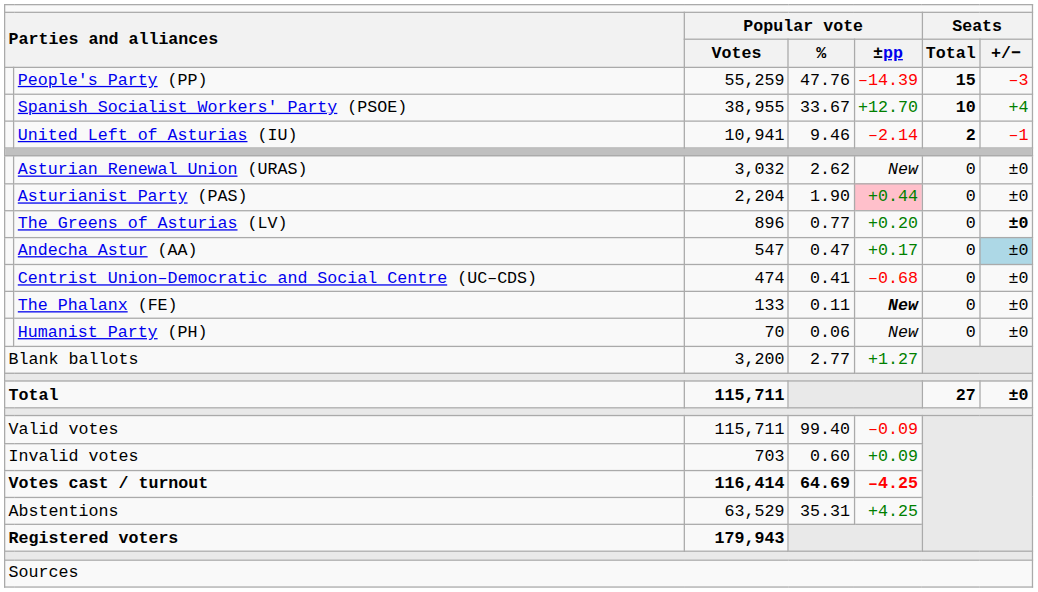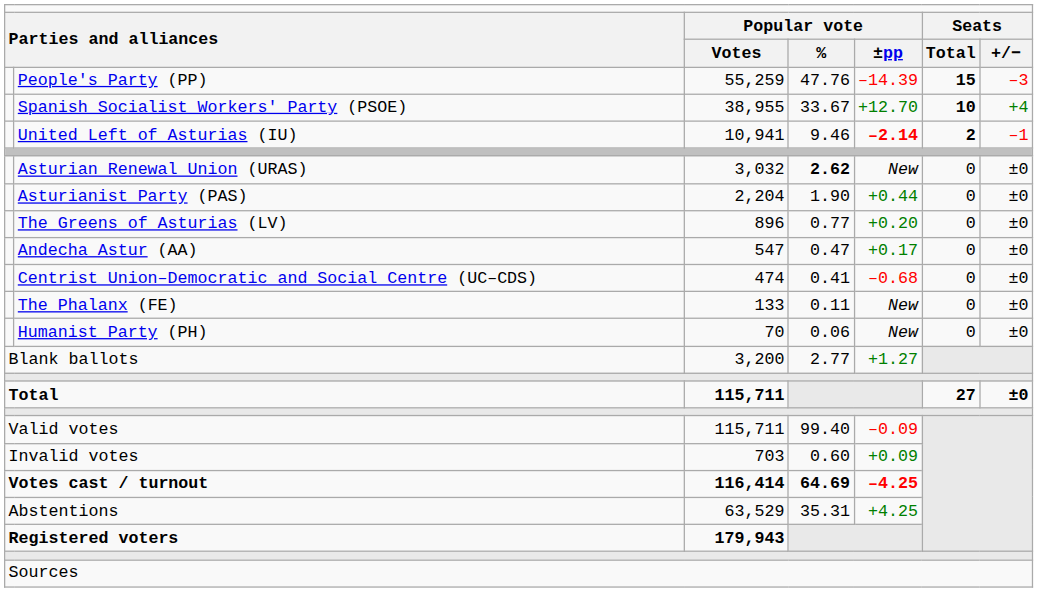 <table class="wikitable" style="text-align:right;">
 <tr>
 <td colspan="7"></td>
 </tr>
 <tr>
 <th style="text-align:left;" rowspan="2" colspan="2" width="525">Parties and alliances</th>
 <th colspan="3">Popular vote</th>
 <th colspan="2">Seats</th>
 </tr>
 <tr>
 <th width="75">Votes</th>
 <th width="45">%</th>
 <th width="45">±<a href='#'>pp</a></th>
 <th width="35">Total</th>
 <th width="35">+/−</th>
 </tr>
 <tr>
 <td width="1" style="color:inherit;background:"></td>
 <td align="left"><a href='#'>People's Party</a> (PP)</td>
 <td>55,259</td>
 <td>47.76</td>
 <td style="color:red;">–14.39</td>
 <td><strong>15</strong></td>
 <td style="color:red;">–3</td>
 </tr>
 <tr>
 <td style="color:inherit;background:"></td>
 <td align="left"><a href='#'>Spanish Socialist Workers' Party</a> (PSOE)</td>
 <td>38,955</td>
 <td>33.67</td>
 <td style="color:green;">+12.70</td>
 <td><strong>10</strong></td>
 <td style="color:green;">+4</td>
 </tr>
 <tr>
 <td style="color:inherit;background:"></td>
 <td align="left"><a href='#'>United Left of Asturias</a> (IU)</td>
 <td>10,941</td>
 <td>9.46</td>
-<td style="color:red;">–2.14</td>
+<td style="color:red;"><strong>–2.14</strong></td>
 <td><strong>2</strong></td>
 <td style="color:red;">–1</td>
 </tr>
 <tr>
 <td colspan="7" bgcolor="#C0C0C0"></td>
 </tr>
 <tr>
 <td style="color:inherit;background:"></td>
 <td align="left"><a href='#'>Asturian Renewal Union</a> (URAS)</td>
 <td>3,032</td>
-<td>2.62</td>
+<td><strong>2.62</strong></td>
 <td><em>New</em></td>
 <td>0</td>
 <td>±0</td>
 </tr>
 <tr>
 <td style="color:inherit;background:"></td>
 <td align="left"><a href='#'>Asturianist Party</a> (PAS)</td>
 <td>2,204</td>
 <td>1.90</td>
-<td style="background: pink; color:green;">+0.44</td>
+<td style="color:green;">+0.44</td>
 <td>0</td>
 <td>±0</td>
 </tr>
 <tr>
 <td style="color:inherit;background:"></td>
 <td align="left"><a href='#'>The Greens of Asturias</a> (LV)</td>
 <td>896</td>
 <td>0.77</td>
 <td style="color:green;">+0.20</td>
 <td>0</td>
-<td><strong>±0</strong></td>
+<td>±0</td>
 </tr>
 <tr>
 <td style="color:inherit;background:"></td>
 <td align="left"><a href='#'>Andecha Astur</a> (AA)</td>
 <td>547</td>
 <td>0.47</td>
 <td style="color:green;">+0.17</td>
 <td>0</td>
-<td style="background: lightblue;">±0</td>
+<td>±0</td>
 </tr>
 <tr>
 <td style="color:inherit;background:"></td>
 <td align="left"><a href='#'>Centrist Union–Democratic and Social Centre</a> (UC–CDS)</td>
 <td>474</td>
 <td>0.41</td>
 <td style="color:red;">–0.68</td>
 <td>0</td>
 <td>±0</td>
 </tr>
 <tr>
 <td style="color:inherit;background:"></td>
 <td align="left"><a href='#'>The Phalanx</a> (FE)</td>
 <td>133</td>
 <td>0.11</td>
-<td><strong><em>New</em></strong></td>
+<td><em>New</em></td>
 <td>0</td>
 <td>±0</td>
 </tr>
 <tr>
 <td style="color:inherit;background:"></td>
 <td align="left"><a href='#'>Humanist Party</a> (PH)</td>
 <td>70</td>
 <td>0.06</td>
 <td><em>New</em></td>
 <td>0</td>
 <td>±0</td>
 </tr>
 <tr>
 <td align="left" colspan="2">Blank ballots</td>
 <td>3,200</td>
 <td>2.77</td>
 <td style="color:green;">+1.27</td>
 <td bgcolor="#E9E9E9" colspan="2"></td>
 </tr>
 <tr>
 <td colspan="7" bgcolor="#E9E9E9"></td>
 </tr>
 <tr style="font-weight:bold;">
 <td align="left" colspan="2">Total</td>
 <td>115,711</td>
 <td bgcolor="#E9E9E9" colspan="2"></td>
 <td>27</td>
 <td>±0</td>
 </tr>
 <tr>
 <td colspan="7" bgcolor="#E9E9E9"></td>
 </tr>
 <tr>
 <td align="left" colspan="2">Valid votes</td>
 <td>115,711</td>
 <td>99.40</td>
 <td style="color:red;">–0.09</td>
 <td bgcolor="#E9E9E9" colspan="2" rowspan="5"></td>
 </tr>
 <tr>
 <td align="left" colspan="2">Invalid votes</td>
 <td>703</td>
 <td>0.60</td>
 <td style="color:green;">+0.09</td>
 </tr>
 <tr style="font-weight:bold;">
 <td align="left" colspan="2">Votes cast / turnout</td>
 <td>116,414</td>
 <td>64.69</td>
 <td style="color:red;">–4.25</td>
 </tr>
 <tr>
 <td align="left" colspan="2">Abstentions</td>
 <td>63,529</td>
 <td>35.31</td>
 <td style="color:green;">+4.25</td>
 </tr>
 <tr style="font-weight:bold;">
 <td align="left" colspan="2">Registered voters</td>
 <td>179,943</td>
 <td bgcolor="#E9E9E9" colspan="2"></td>
 </tr>
 <tr>
 <td colspan="7" bgcolor="#E9E9E9"></td>
 </tr>
 <tr>
 <td align="left" colspan="7">Sources</td>
 </tr>
 </table>
